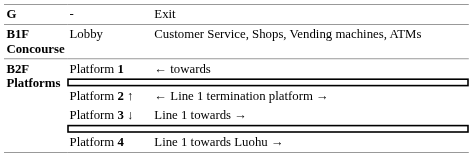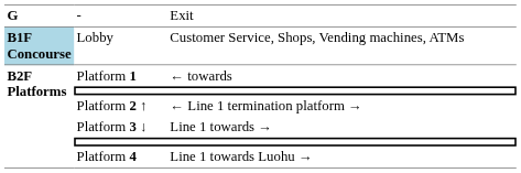 <table table border=0 cellspacing=0 cellpadding=3>
 <tr>
 <td style="border-top:solid 1px gray;" width=50 valign=top><strong>G</strong></td>
 <td style="border-top:solid 1px gray;" width=100 valign=top>-</td>
 <td style="border-top:solid 1px gray;" width=390 valign=top>Exit</td>
 </tr>
 <tr>
-<td style="border-bottom:solid 1px gray; border-top:solid 1px gray;" valign=top width=50><strong>B1F<br>Concourse</strong></td>
+<td style="background: lightblue; border-bottom:solid 1px gray; border-top:solid 1px gray;" valign=top width=50><strong>B1F<br>Concourse</strong></td>
 <td style="border-bottom:solid 1px gray; border-top:solid 1px gray;" valign=top width=100>Lobby</td>
 <td style="border-bottom:solid 1px gray; border-top:solid 1px gray;" valign=top width=390>Customer Service, Shops, Vending machines, ATMs</td>
 </tr>
 <tr>
 <td style="border-bottom:solid 1px gray;" rowspan=8 valign=top><strong>B2F<br>Platforms</strong></td>
 <td>Platform <strong>1</strong></td>
 <td>←  towards  </td>
 </tr>
 <tr>
 <td style="border-right:solid 2px black;border-left:solid 2px black;border-top:solid 2px black;border-bottom:solid 2px black;text-align:center;" colspan=2></td>
 </tr>
 <tr>
 <td style="border-bottom:solid 1px write;">Platform <strong>2</strong> ↑</td>
 <td style="border-bottom:solid 1px write;">←  Line 1 termination platform →</td>
 </tr>
 <tr>
 <td>Platform <strong>3</strong> ↓</td>
 <td>  Line 1 towards   →</td>
 </tr>
 <tr>
 <td style="border-right:solid 2px black;border-left:solid 2px black;border-top:solid 2px black;border-bottom:solid 2px black;text-align:center;" colspan=2></td>
 </tr>
 <tr>
 <td style="border-bottom:solid 1px gray;">Platform <strong>4</strong></td>
 <td style="border-bottom:solid 1px gray;">  Line 1 towards Luohu  →</td>
 </tr>
 </table>
